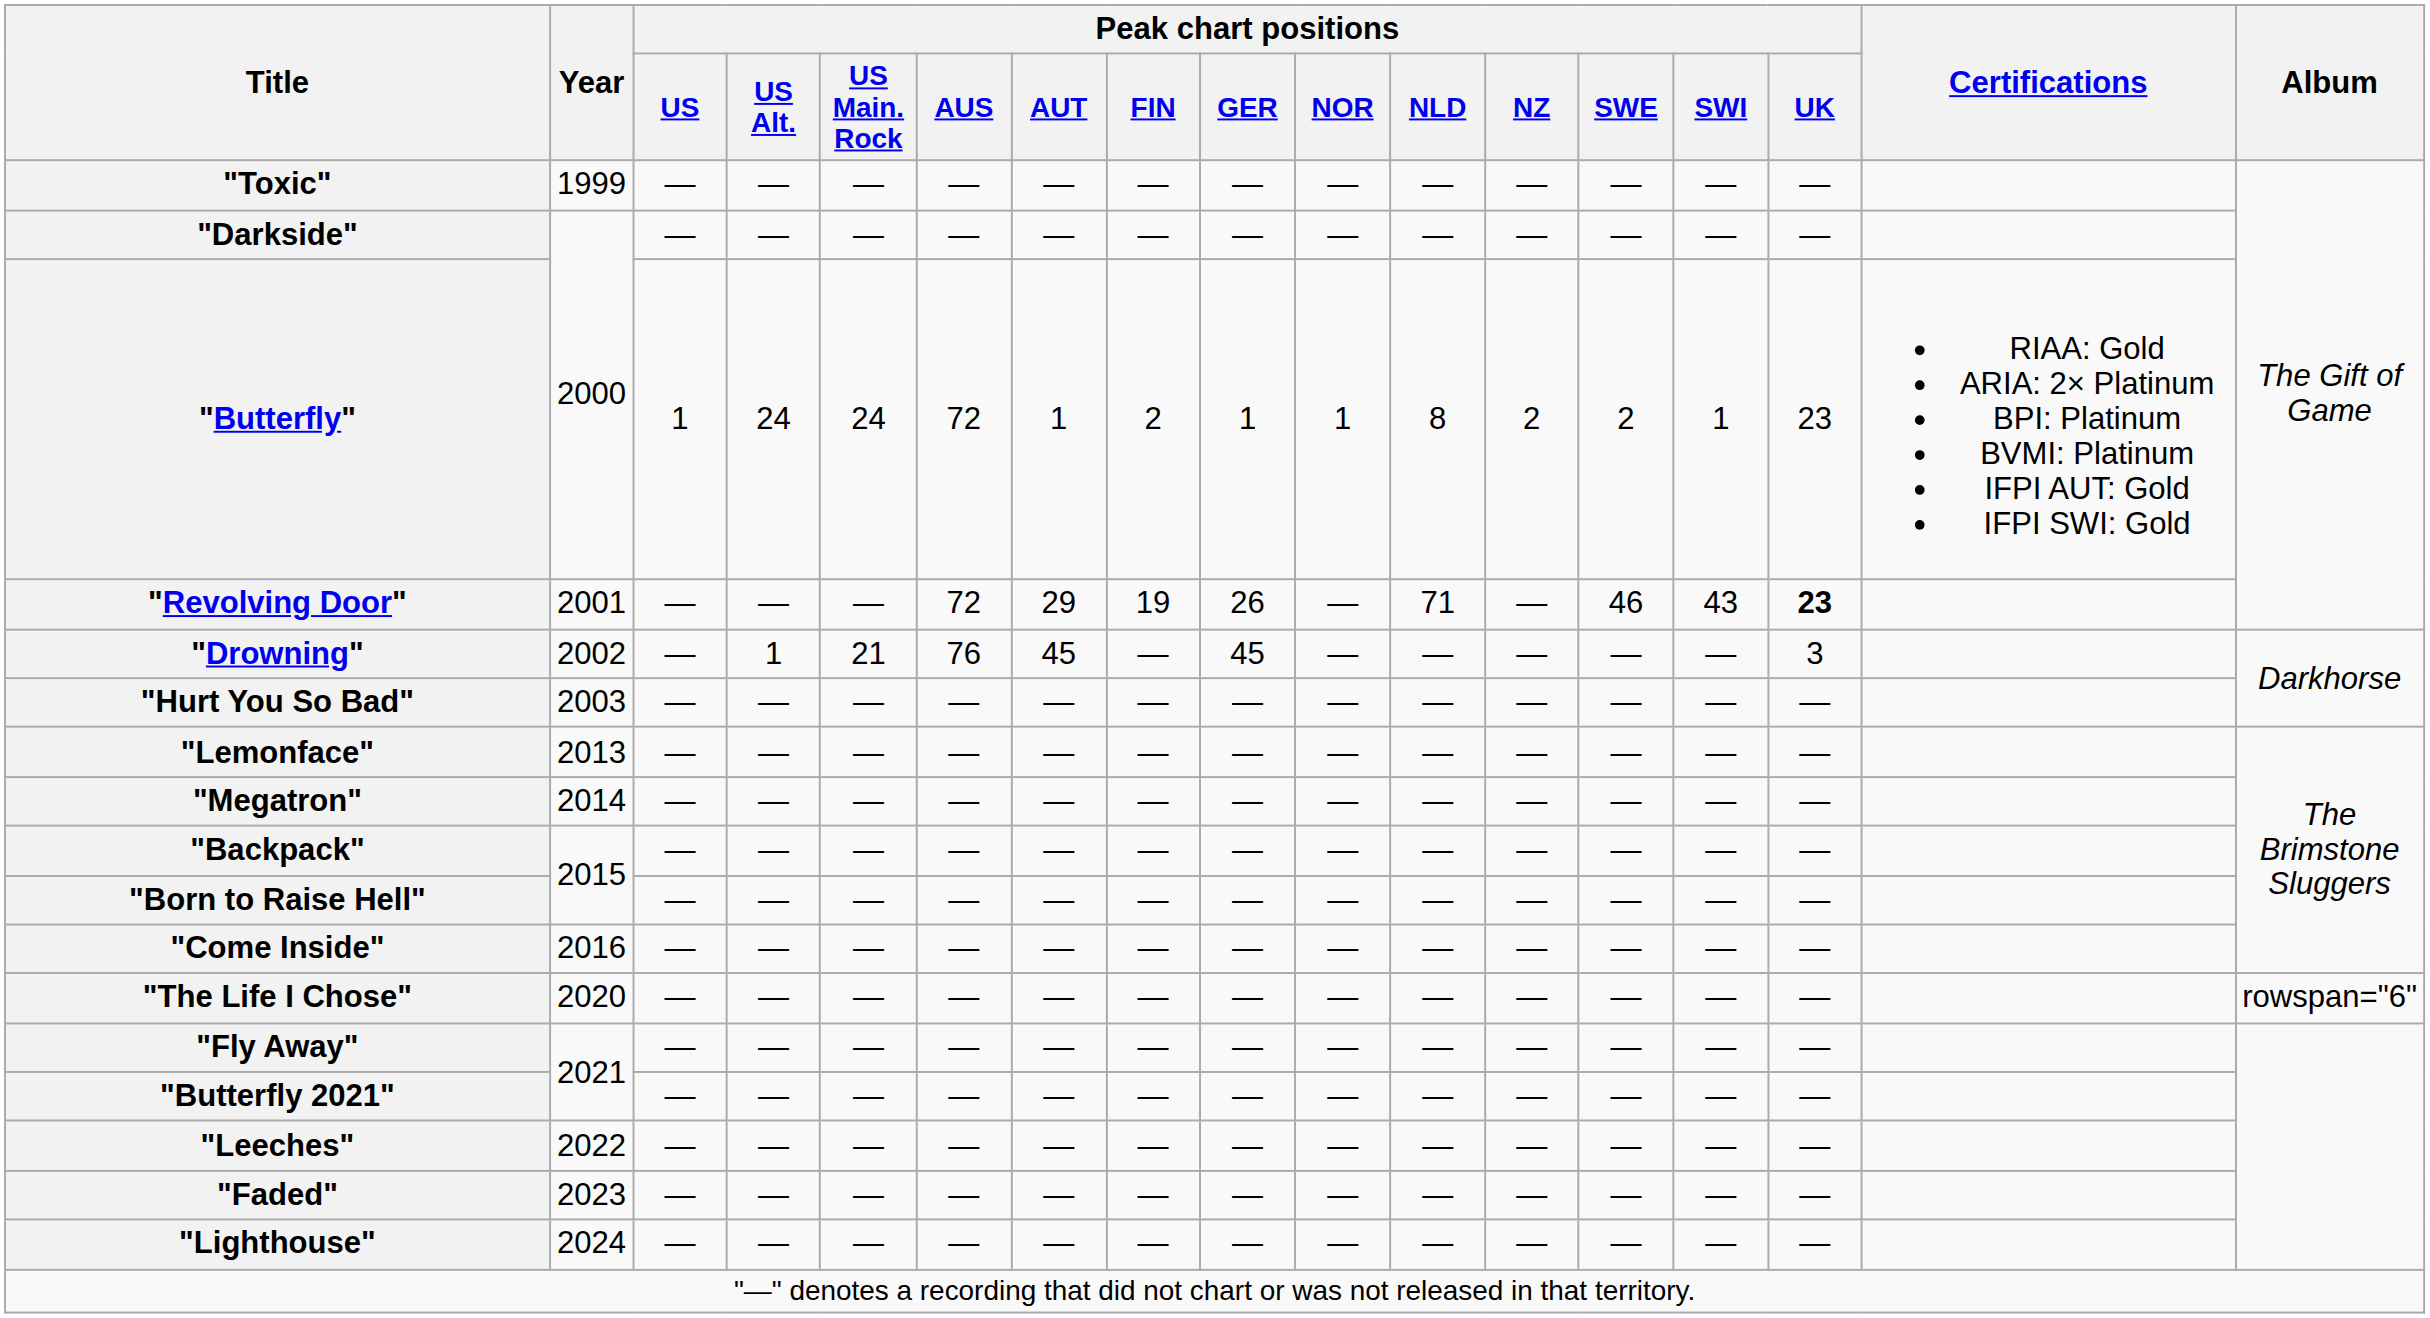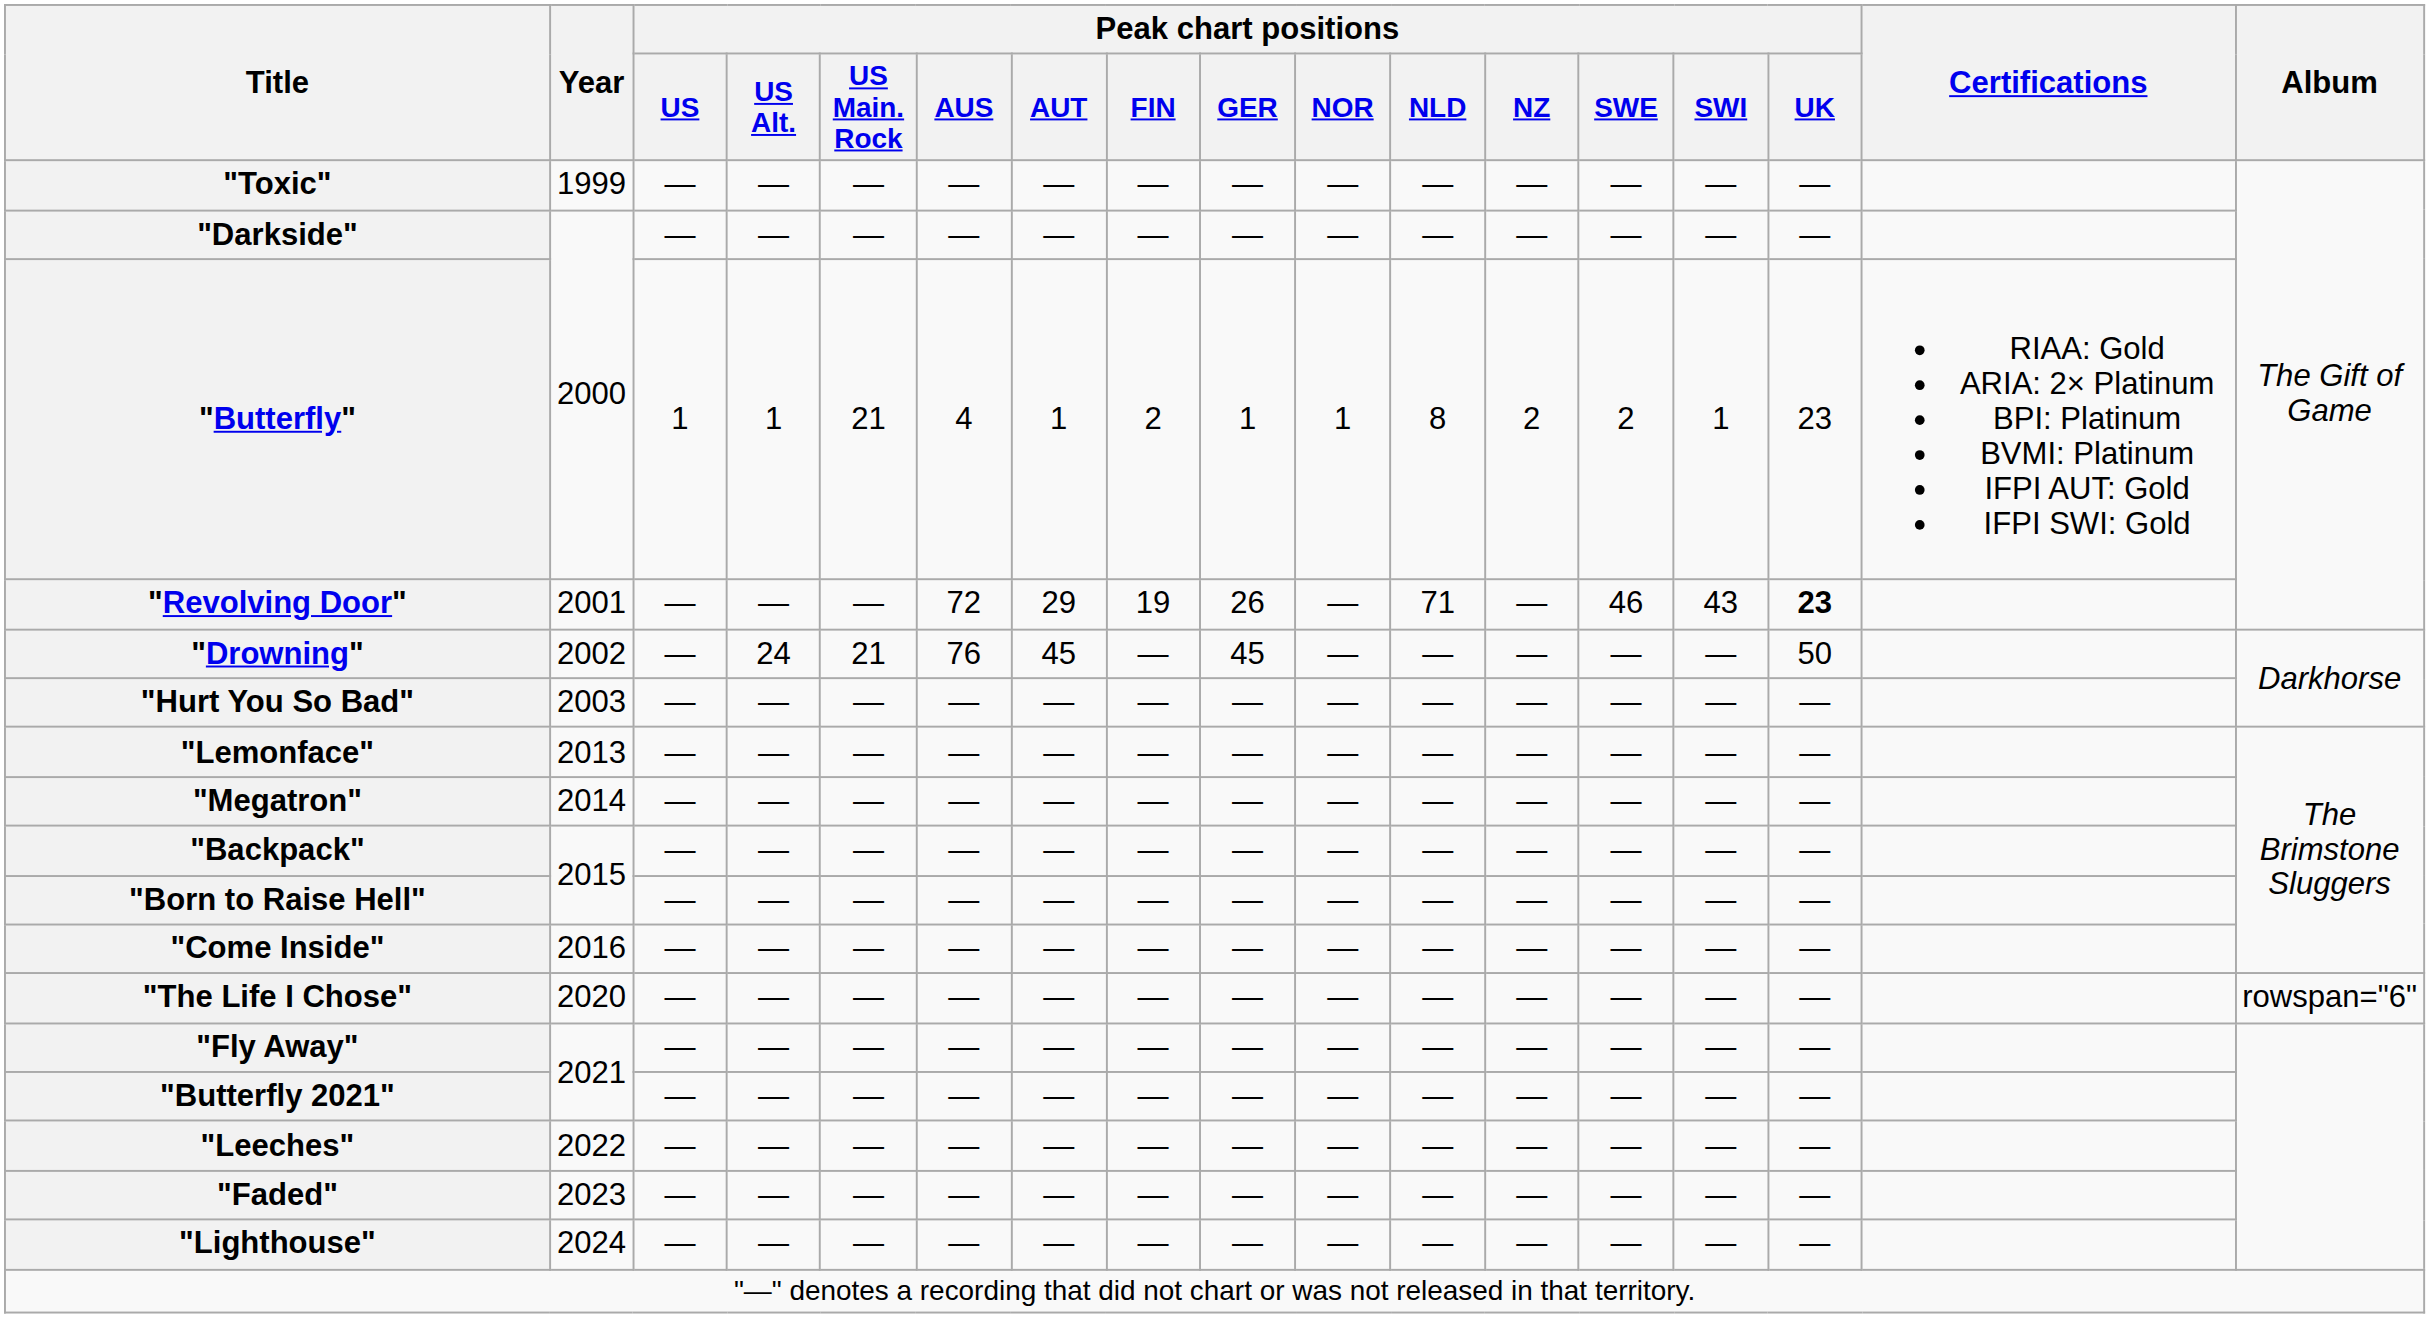 <table class="wikitable plainrowheaders" style="text-align:center;">
 <tr>
 <th scope="col" rowspan="2" style="width:18em;">Title</th>
 <th scope="col" rowspan="2">Year</th>
 <th scope="col" colspan="13">Peak chart positions</th>
 <th scope="col" rowspan="2" style="width:12em;"><a href='#'>Certifications</a></th>
 <th scope="col" rowspan="2">Album</th>
 </tr>
 <tr>
 <th scope="col" style="width:3em;font-size:90%;"><a href='#'>US</a><br></th>
 <th scope="col" style="width:3em;font-size:90%;"><a href='#'>US<br>Alt.</a><br></th>
 <th scope="col" style="width:3em;font-size:90%;"><a href='#'>US<br>Main. Rock</a><br></th>
 <th scope="col" style="width:3em;font-size:90%;"><a href='#'>AUS</a><br></th>
 <th scope="col" style="width:3em;font-size:90%;"><a href='#'>AUT</a><br></th>
 <th scope="col" style="width:3em;font-size:90%;"><a href='#'>FIN</a><br></th>
 <th scope="col" style="width:3em;font-size:90%;"><a href='#'>GER</a><br></th>
 <th scope="col" style="width:3em;font-size:90%;"><a href='#'>NOR</a><br></th>
 <th scope="col" style="width:3em;font-size:90%;"><a href='#'>NLD</a><br></th>
 <th scope="col" style="width:3em;font-size:90%;"><a href='#'>NZ</a><br></th>
 <th scope="col" style="width:3em;font-size:90%;"><a href='#'>SWE</a><br></th>
 <th scope="col" style="width:3em;font-size:90%;"><a href='#'>SWI</a><br></th>
 <th scope="col" style="width:3em;font-size:90%;"><a href='#'>UK</a><br></th>
 </tr>
 <tr>
 <th scope="row">"Toxic"</th>
 <td>1999</td>
 <td>—</td>
 <td>—</td>
 <td>—</td>
 <td>—</td>
 <td>—</td>
 <td>—</td>
 <td>—</td>
 <td>—</td>
 <td>—</td>
 <td>—</td>
 <td>—</td>
 <td>—</td>
 <td>—</td>
 <td></td>
 <td rowspan="4"><em>The Gift of Game</em></td>
 </tr>
 <tr>
 <th scope="row">"Darkside"</th>
 <td rowspan="2">2000</td>
 <td>—</td>
 <td>—</td>
 <td>—</td>
 <td>—</td>
 <td>—</td>
 <td>—</td>
 <td>—</td>
 <td>—</td>
 <td>—</td>
 <td>—</td>
 <td>—</td>
 <td>—</td>
 <td>—</td>
 <td></td>
 </tr>
 <tr>
 <th scope="row">"<a href='#'>Butterfly</a>"</th>
 <td>1</td>
-<td>24</td>
-<td>24</td>
-<td>72</td>
+<td>1</td>
+<td>21</td>
+<td>4</td>
 <td>1</td>
 <td>2</td>
 <td>1</td>
 <td>1</td>
 <td>8</td>
 <td>2</td>
 <td>2</td>
 <td>1</td>
 <td>23</td>
 <td><br><ul><li>RIAA: Gold</li><li>ARIA: 2× Platinum</li><li>BPI: Platinum</li><li>BVMI: Platinum</li><li>IFPI AUT: Gold</li><li>IFPI SWI: Gold</li></ul></td>
 </tr>
 <tr>
 <th scope="row">"<a href='#'>Revolving Door</a>"</th>
 <td>2001</td>
 <td>—</td>
 <td>—</td>
 <td>—</td>
 <td>72</td>
 <td>29</td>
 <td>19</td>
 <td>26</td>
 <td>—</td>
 <td>71</td>
 <td>—</td>
 <td>46</td>
 <td>43</td>
 <td><strong>23</strong></td>
 <td></td>
 </tr>
 <tr>
 <th scope="row">"<a href='#'>Drowning</a>"</th>
 <td>2002</td>
 <td>—</td>
-<td>1</td>
+<td>24</td>
 <td>21</td>
 <td>76</td>
 <td>45</td>
 <td>—</td>
 <td>45</td>
 <td>—</td>
 <td>—</td>
 <td>—</td>
 <td>—</td>
 <td>—</td>
-<td>3</td>
+<td>50</td>
 <td></td>
 <td rowspan="2"><em>Darkhorse</em></td>
 </tr>
 <tr>
 <th scope="row">"Hurt You So Bad"</th>
 <td>2003</td>
 <td>—</td>
 <td>—</td>
 <td>—</td>
 <td>—</td>
 <td>—</td>
 <td>—</td>
 <td>—</td>
 <td>—</td>
 <td>—</td>
 <td>—</td>
 <td>—</td>
 <td>—</td>
 <td>—</td>
 </tr>
 <tr>
 <th scope="row">"Lemonface"</th>
 <td>2013</td>
 <td>—</td>
 <td>—</td>
 <td>—</td>
 <td>—</td>
 <td>—</td>
 <td>—</td>
 <td>—</td>
 <td>—</td>
 <td>—</td>
 <td>—</td>
 <td>—</td>
 <td>—</td>
 <td>—</td>
 <td></td>
 <td rowspan="5"><em>The Brimstone Sluggers</em></td>
 </tr>
 <tr>
 <th scope="row">"Megatron"</th>
 <td>2014</td>
 <td>—</td>
 <td>—</td>
 <td>—</td>
 <td>—</td>
 <td>—</td>
 <td>—</td>
 <td>—</td>
 <td>—</td>
 <td>—</td>
 <td>—</td>
 <td>—</td>
 <td>—</td>
 <td>—</td>
 <td></td>
 </tr>
 <tr>
 <th scope="row">"Backpack"</th>
 <td rowspan="2">2015</td>
 <td>—</td>
 <td>—</td>
 <td>—</td>
 <td>—</td>
 <td>—</td>
 <td>—</td>
 <td>—</td>
 <td>—</td>
 <td>—</td>
 <td>—</td>
 <td>—</td>
 <td>—</td>
 <td>—</td>
 <td></td>
 </tr>
 <tr>
 <th scope="row">"Born to Raise Hell"</th>
 <td>—</td>
 <td>—</td>
 <td>—</td>
 <td>—</td>
 <td>—</td>
 <td>—</td>
 <td>—</td>
 <td>—</td>
 <td>—</td>
 <td>—</td>
 <td>—</td>
 <td>—</td>
 <td>—</td>
 <td></td>
 </tr>
 <tr>
 <th scope="row">"Come Inside"</th>
 <td>2016</td>
 <td>—</td>
 <td>—</td>
 <td>—</td>
 <td>—</td>
 <td>—</td>
 <td>—</td>
 <td>—</td>
 <td>—</td>
 <td>—</td>
 <td>—</td>
 <td>—</td>
 <td>—</td>
 <td>—</td>
 <td></td>
 </tr>
 <tr>
 <th scope="row">"The Life I Chose"<br></th>
 <td>2020</td>
 <td>—</td>
 <td>—</td>
 <td>—</td>
 <td>—</td>
 <td>—</td>
 <td>—</td>
 <td>—</td>
 <td>—</td>
 <td>—</td>
 <td>—</td>
 <td>—</td>
 <td>—</td>
 <td>—</td>
 <td></td>
 <td>rowspan="6" </td>
 </tr>
 <tr>
 <th scope="row">"Fly Away"<br></th>
 <td rowspan="2">2021</td>
 <td>—</td>
 <td>—</td>
 <td>—</td>
 <td>—</td>
 <td>—</td>
 <td>—</td>
 <td>—</td>
 <td>—</td>
 <td>—</td>
 <td>—</td>
 <td>—</td>
 <td>—</td>
 <td>—</td>
 <td></td>
 </tr>
 <tr>
 <th scope="row">"Butterfly 2021"<br></th>
 <td>—</td>
 <td>—</td>
 <td>—</td>
 <td>—</td>
 <td>—</td>
 <td>—</td>
 <td>—</td>
 <td>—</td>
 <td>—</td>
 <td>—</td>
 <td>—</td>
 <td>—</td>
 <td>—</td>
 <td></td>
 </tr>
 <tr>
 <th scope="row">"Leeches"<br></th>
 <td>2022</td>
 <td>—</td>
 <td>—</td>
 <td>—</td>
 <td>—</td>
 <td>—</td>
 <td>—</td>
 <td>—</td>
 <td>—</td>
 <td>—</td>
 <td>—</td>
 <td>—</td>
 <td>—</td>
 <td>—</td>
 <td></td>
 </tr>
 <tr>
 <th scope="row">"Faded"<br></th>
 <td>2023</td>
 <td>—</td>
 <td>—</td>
 <td>—</td>
 <td>—</td>
 <td>—</td>
 <td>—</td>
 <td>—</td>
 <td>—</td>
 <td>—</td>
 <td>—</td>
 <td>—</td>
 <td>—</td>
 <td>—</td>
 <td></td>
 </tr>
 <tr>
 <th scope="row">"Lighthouse"<br></th>
 <td>2024</td>
 <td>—</td>
 <td>—</td>
 <td>—</td>
 <td>—</td>
 <td>—</td>
 <td>—</td>
 <td>—</td>
 <td>—</td>
 <td>—</td>
 <td>—</td>
 <td>—</td>
 <td>—</td>
 <td>—</td>
 <td></td>
 </tr>
 <tr>
 <td colspan="18" style="font-size:90%">"—" denotes a recording that did not chart or was not released in that territory.</td>
 </tr>
 </table>
